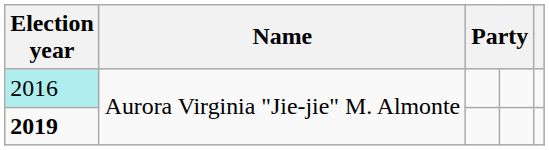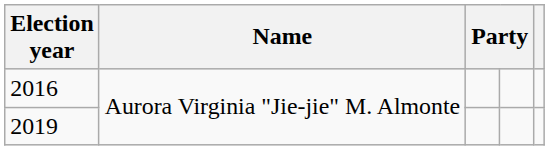 <table class="wikitable">
 <tr>
 <th>Election<br>year</th>
 <th>Name</th>
 <th colspan="2">Party</th>
 <th></th>
 </tr>
 <tr>
-<td style="background: paleturquoise;">2016</td>
+<td>2016</td>
 <td rowspan="2">Aurora Virginia "Jie-jie" M. Almonte</td>
 <td></td>
 <td></td>
 <td></td>
 </tr>
 <tr>
-<td><strong>2019</strong></td>
+<td>2019</td>
 <td></td>
 <td></td>
 </tr>
 </table>
